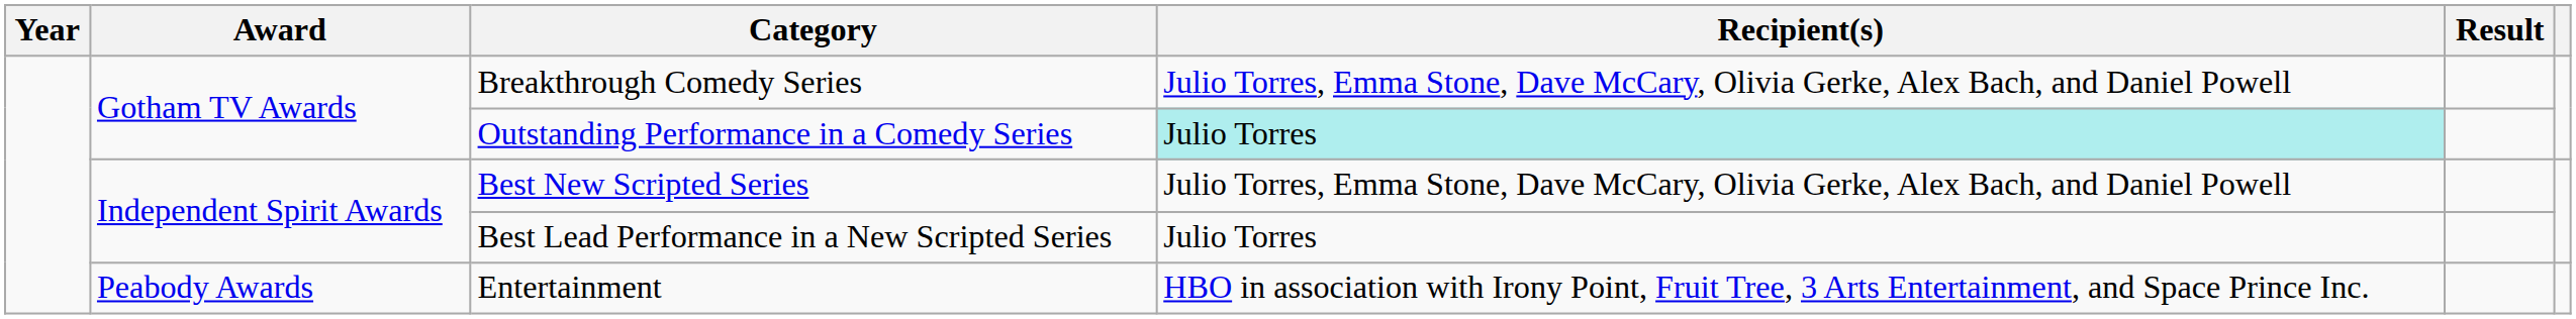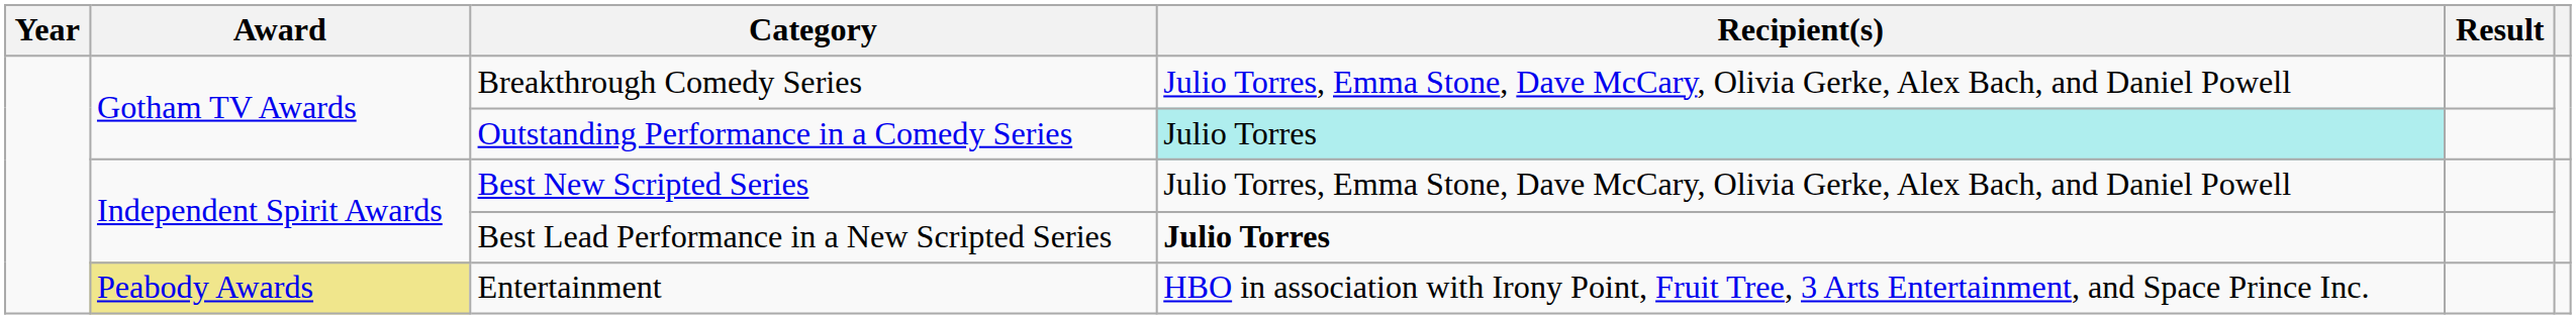 <table class="wikitable sortable plainrowheaders" style="width: 100%;">
 <tr>
 <th scope="col">Year</th>
 <th scope="col">Award</th>
 <th scope="col">Category</th>
 <th scope="col">Recipient(s)</th>
 <th scope="col">Result</th>
 <th scope="col" class="unsortable"></th>
 </tr>
 <tr>
 <td rowspan="5"></td>
 <td rowspan="2"><a href='#'>Gotham TV Awards</a></td>
 <td>Breakthrough Comedy Series</td>
 <td><a href='#'>Julio Torres</a>, <a href='#'>Emma Stone</a>, <a href='#'>Dave McCary</a>, Olivia Gerke, Alex Bach, and Daniel Powell</td>
 <td></td>
 <td align="center" rowspan="2"></td>
 </tr>
 <tr>
 <td><a href='#'>Outstanding Performance in a Comedy Series</a></td>
 <td style="background: paleturquoise;">Julio Torres</td>
 <td></td>
 </tr>
 <tr>
 <td rowspan="2"><a href='#'>Independent Spirit Awards</a></td>
 <td><a href='#'>Best New Scripted Series</a></td>
 <td>Julio Torres, Emma Stone, Dave McCary, Olivia Gerke, Alex Bach, and Daniel Powell</td>
 <td></td>
 <td align="center" rowspan="2"></td>
 </tr>
 <tr>
 <td>Best Lead Performance in a New Scripted Series</td>
-<td>Julio Torres</td>
+<td><strong>Julio Torres</strong></td>
 <td></td>
 </tr>
 <tr>
-<td><a href='#'>Peabody Awards</a></td>
+<td style="background: khaki;"><a href='#'>Peabody Awards</a></td>
 <td>Entertainment</td>
 <td><a href='#'>HBO</a> in association with Irony Point, <a href='#'>Fruit Tree</a>, <a href='#'>3 Arts Entertainment</a>, and Space Prince Inc.</td>
 <td></td>
 <td align="center"></td>
 </tr>
 </table>
